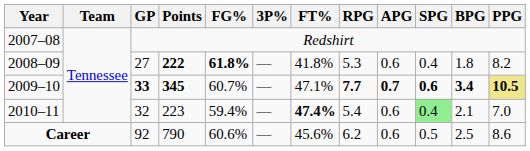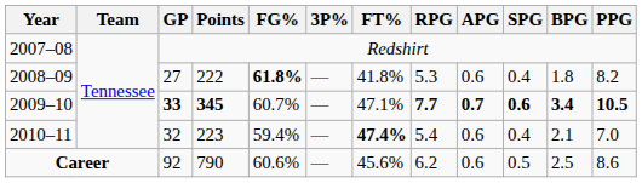 <table class="wikitable sortable">
 <tr>
 <th>Year</th>
 <th>Team</th>
 <th>GP</th>
 <th>Points</th>
 <th>FG%</th>
 <th>3P%</th>
 <th>FT%</th>
 <th>RPG</th>
 <th>APG</th>
 <th>SPG</th>
 <th>BPG</th>
 <th>PPG</th>
 </tr>
 <tr>
 <td>2007–08</td>
 <td rowspan=4><a href='#'>Tennessee</a></td>
 <td colspan="10" align=center><em>Redshirt</em></td>
 </tr>
 <tr>
 <td>2008–09</td>
 <td>27</td>
-<td><strong>222</strong></td>
+<td>222</td>
 <td><strong>61.8%</strong></td>
 <td>—</td>
 <td>41.8%</td>
 <td>5.3</td>
 <td>0.6</td>
 <td>0.4</td>
 <td>1.8</td>
 <td>8.2</td>
 </tr>
 <tr>
 <td>2009–10</td>
 <td><strong>33</strong></td>
 <td><strong>345</strong></td>
 <td>60.7%</td>
 <td>—</td>
 <td>47.1%</td>
 <td><strong>7.7</strong></td>
 <td><strong>0.7</strong></td>
 <td><strong>0.6</strong></td>
 <td><strong>3.4</strong></td>
-<td style="background: khaki;"><strong>10.5</strong></td>
+<td><strong>10.5</strong></td>
 </tr>
 <tr>
 <td>2010–11</td>
 <td>32</td>
 <td>223</td>
 <td>59.4%</td>
 <td>—</td>
 <td><strong>47.4%</strong></td>
 <td>5.4</td>
 <td>0.6</td>
-<td style="background: lightgreen;">0.4</td>
+<td>0.4</td>
 <td>2.1</td>
 <td>7.0</td>
 </tr>
 <tr class="sortbottom">
 <td colspan=2 align=center><strong>Career</strong></td>
 <td>92</td>
 <td>790</td>
 <td>60.6%</td>
 <td>—</td>
 <td>45.6%</td>
 <td>6.2</td>
 <td>0.6</td>
 <td>0.5</td>
 <td>2.5</td>
 <td>8.6</td>
 </tr>
 </table>
